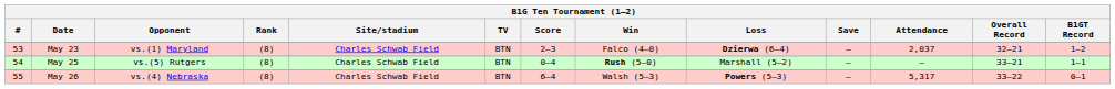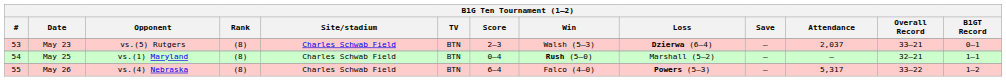 <table class="wikitable collapsible open" style="margin:auto; width:100%; text-align:center; font-size:95%">
 <tr>
 <th colspan=13 style="padding-left:4em;">B1G Ten Tournament (1–2)</th>
 </tr>
 <tr>
 <th>#</th>
 <th>Date</th>
 <th>Opponent</th>
 <th>Rank</th>
 <th>Site/stadium</th>
 <th>TV</th>
 <th>Score</th>
 <th>Win</th>
 <th>Loss</th>
 <th>Save</th>
 <th>Attendance</th>
 <th>Overall<br>Record</th>
 <th>B1GT<br>Record</th>
 </tr>
 <tr>
 </tr>
 <tr align="center" bgcolor="#ffcccc">
 <td>53</td>
 <td>May 23</td>
-<td>vs.(1) <a href='#'>Maryland</a></td>
+<td>vs.(5) Rutgers</td>
 <td>(8)</td>
 <td><a href='#'>Charles Schwab Field</a></td>
 <td>BTN</td>
 <td>2–3</td>
-<td>Falco (4–0)</td>
+<td>Walsh (5–3)</td>
 <td><strong>Dzierwa</strong> (6–4)</td>
 <td>—</td>
 <td>2,037</td>
-<td>32–21</td>
-<td>1–2</td>
+<td>33–21</td>
+<td>0–1</td>
 </tr>
 <tr>
 </tr>
 <tr align="center" bgcolor="#ccffcc">
 <td>54</td>
 <td>May 25</td>
-<td>vs.(5) Rutgers</td>
+<td>vs.(1) <a href='#'>Maryland</a></td>
 <td>(8)</td>
 <td>Charles Schwab Field</td>
 <td>BTN</td>
 <td>0–4</td>
 <td><strong>Rush</strong> (5–0)</td>
 <td>Marshall (5–2)</td>
 <td>—</td>
 <td>—</td>
-<td>33–21</td>
+<td>32–21</td>
 <td>1–1</td>
 </tr>
 <tr>
 </tr>
 <tr align="center" bgcolor="#ffcccc">
 <td>55</td>
 <td>May 26</td>
 <td>vs.(4) <a href='#'>Nebraska</a></td>
 <td>(8)</td>
 <td>Charles Schwab Field</td>
 <td>BTN</td>
 <td>6–4</td>
-<td>Walsh (5–3)</td>
+<td>Falco (4–0)</td>
 <td><strong>Powers</strong> (5–3)</td>
 <td>—</td>
 <td>5,317</td>
 <td>33–22</td>
-<td>0–1</td>
+<td>1–2</td>
 </tr>
 </table>
